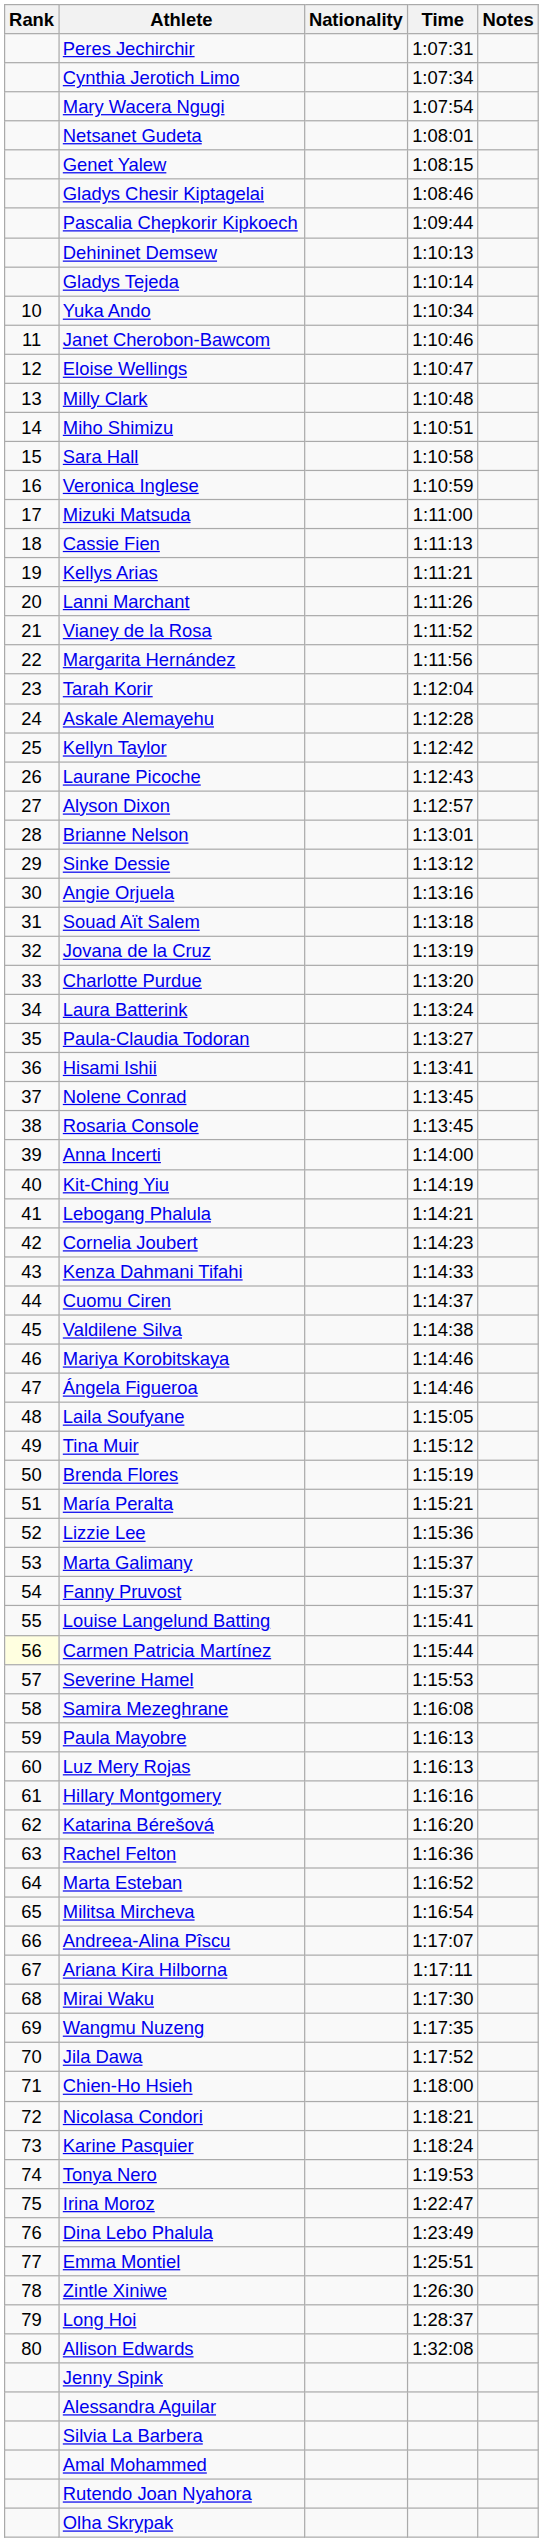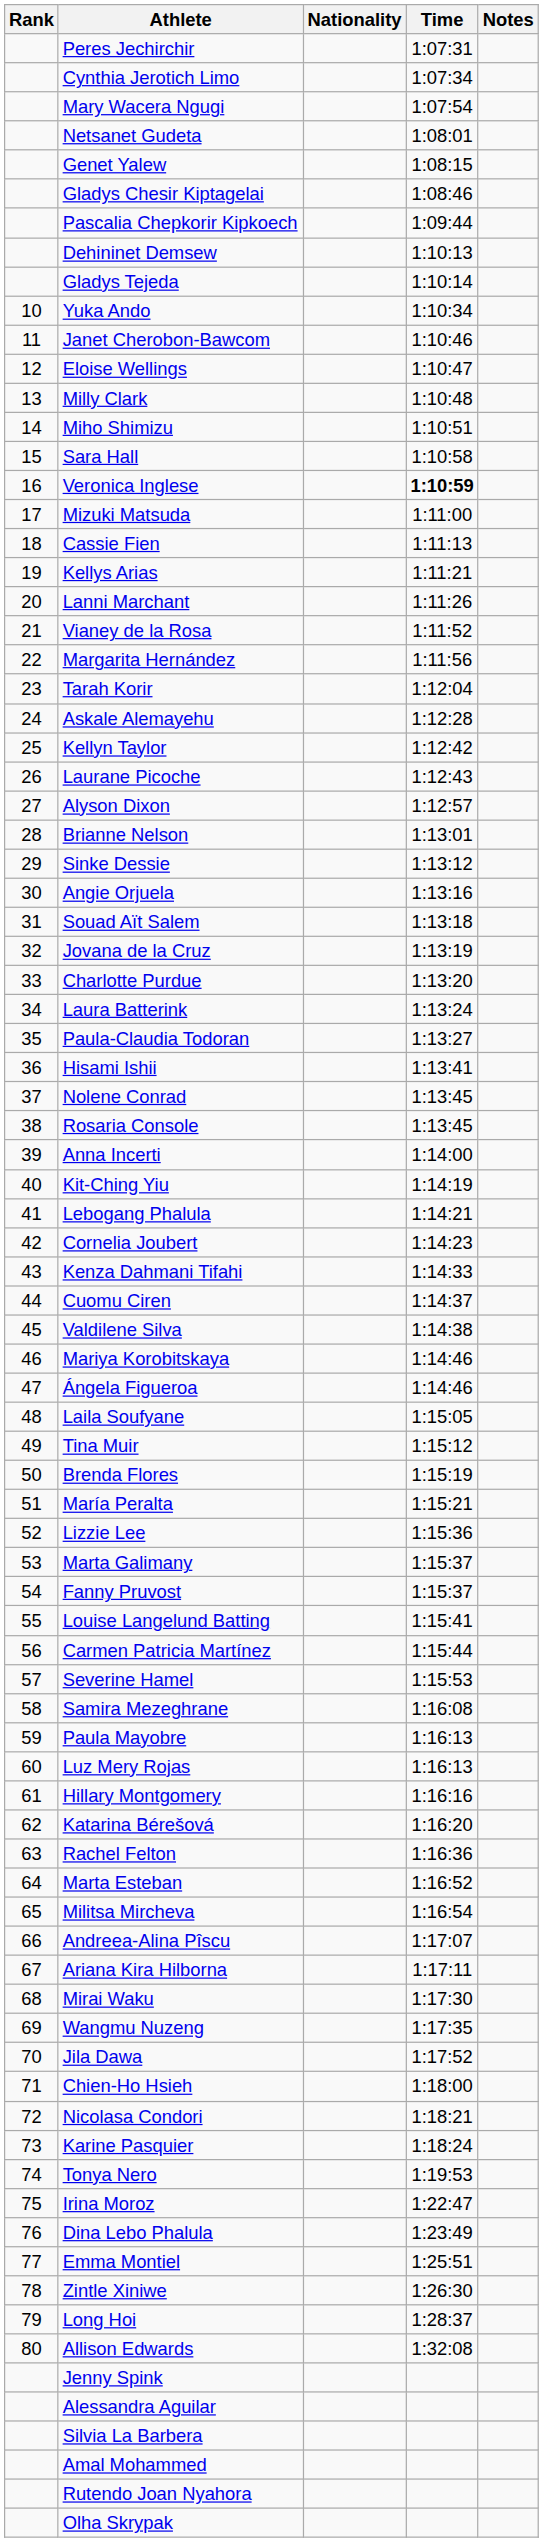 <table class="wikitable sortable"  style="text-align:center; font-size:95%; width:50%;">
 <tr>
 <th>Rank</th>
 <th>Athlete</th>
 <th>Nationality</th>
 <th>Time</th>
 <th>Notes</th>
 </tr>
 <tr>
 <td align=center></td>
 <td align=left><a href='#'>Peres Jechirchir</a></td>
 <td align=left></td>
 <td>1:07:31</td>
 <td></td>
 </tr>
 <tr>
 <td align=center></td>
 <td align=left><a href='#'>Cynthia Jerotich Limo</a></td>
 <td align=left></td>
 <td>1:07:34</td>
 <td></td>
 </tr>
 <tr>
 <td align=center></td>
 <td align=left><a href='#'>Mary Wacera Ngugi</a></td>
 <td align=left></td>
 <td>1:07:54</td>
 <td></td>
 </tr>
 <tr>
 <td align=center></td>
 <td align=left><a href='#'>Netsanet Gudeta</a></td>
 <td align=left></td>
 <td>1:08:01</td>
 <td></td>
 </tr>
 <tr>
 <td align=center></td>
 <td align=left><a href='#'>Genet Yalew</a></td>
 <td align=left></td>
 <td>1:08:15</td>
 <td></td>
 </tr>
 <tr>
 <td align=center></td>
 <td align=left><a href='#'>Gladys Chesir Kiptagelai</a></td>
 <td align=left></td>
 <td>1:08:46</td>
 <td></td>
 </tr>
 <tr>
 <td align=center></td>
 <td align=left><a href='#'>Pascalia Chepkorir Kipkoech</a></td>
 <td align=left></td>
 <td>1:09:44</td>
 <td></td>
 </tr>
 <tr>
 <td align=center></td>
 <td align=left><a href='#'>Dehininet Demsew</a></td>
 <td align=left></td>
 <td>1:10:13</td>
 <td></td>
 </tr>
 <tr>
 <td align=center></td>
 <td align=left><a href='#'>Gladys Tejeda</a></td>
 <td align=left></td>
 <td>1:10:14</td>
 <td><strong></strong></td>
 </tr>
 <tr>
 <td align=center>10</td>
 <td align=left><a href='#'>Yuka Ando</a></td>
 <td align=left></td>
 <td>1:10:34</td>
 <td></td>
 </tr>
 <tr>
 <td align=center>11</td>
 <td align=left><a href='#'>Janet Cherobon-Bawcom</a></td>
 <td align=left></td>
 <td>1:10:46</td>
 <td></td>
 </tr>
 <tr>
 <td align=center>12</td>
 <td align=left><a href='#'>Eloise Wellings</a></td>
 <td align=left></td>
 <td>1:10:47</td>
 <td></td>
 </tr>
 <tr>
 <td align=center>13</td>
 <td align=left><a href='#'>Milly Clark</a></td>
 <td align=left></td>
 <td>1:10:48</td>
 <td></td>
 </tr>
 <tr>
 <td align=center>14</td>
 <td align=left><a href='#'>Miho Shimizu</a></td>
 <td align=left></td>
 <td>1:10:51</td>
 <td></td>
 </tr>
 <tr>
 <td align=center>15</td>
 <td align=left><a href='#'>Sara Hall</a></td>
 <td align=left></td>
 <td>1:10:58</td>
 <td></td>
 </tr>
 <tr>
 <td align=center>16</td>
 <td align=left><a href='#'>Veronica Inglese</a></td>
 <td align=left></td>
-<td>1:10:59</td>
+<td><strong>1:10:59</strong></td>
 <td></td>
 </tr>
 <tr>
 <td align=center>17</td>
 <td align=left><a href='#'>Mizuki Matsuda</a></td>
 <td align=left></td>
 <td>1:11:00</td>
 <td></td>
 </tr>
 <tr>
 <td align=center>18</td>
 <td align=left><a href='#'>Cassie Fien</a></td>
 <td align=left></td>
 <td>1:11:13</td>
 <td></td>
 </tr>
 <tr>
 <td align=center>19</td>
 <td align=left><a href='#'>Kellys Arias</a></td>
 <td align=left></td>
 <td>1:11:21</td>
 <td></td>
 </tr>
 <tr>
 <td align=center>20</td>
 <td align=left><a href='#'>Lanni Marchant</a></td>
 <td align=left></td>
 <td>1:11:26</td>
 <td></td>
 </tr>
 <tr>
 <td align=center>21</td>
 <td align=left><a href='#'>Vianey de la Rosa</a></td>
 <td align=left></td>
 <td>1:11:52</td>
 <td></td>
 </tr>
 <tr>
 <td align=center>22</td>
 <td align=left><a href='#'>Margarita Hernández</a></td>
 <td align=left></td>
 <td>1:11:56</td>
 <td></td>
 </tr>
 <tr>
 <td align=center>23</td>
 <td align=left><a href='#'>Tarah Korir</a></td>
 <td align=left></td>
 <td>1:12:04</td>
 <td></td>
 </tr>
 <tr>
 <td align=center>24</td>
 <td align=left><a href='#'>Askale Alemayehu</a></td>
 <td align=left></td>
 <td>1:12:28</td>
 <td></td>
 </tr>
 <tr>
 <td align=center>25</td>
 <td align=left><a href='#'>Kellyn Taylor</a></td>
 <td align=left></td>
 <td>1:12:42</td>
 <td></td>
 </tr>
 <tr>
 <td align=center>26</td>
 <td align=left><a href='#'>Laurane Picoche</a></td>
 <td align=left></td>
 <td>1:12:43</td>
 <td></td>
 </tr>
 <tr>
 <td align=center>27</td>
 <td align=left><a href='#'>Alyson Dixon</a></td>
 <td align=left></td>
 <td>1:12:57</td>
 <td></td>
 </tr>
 <tr>
 <td align=center>28</td>
 <td align=left><a href='#'>Brianne Nelson</a></td>
 <td align=left></td>
 <td>1:13:01</td>
 <td></td>
 </tr>
 <tr>
 <td align=center>29</td>
 <td align=left><a href='#'>Sinke Dessie</a></td>
 <td align=left></td>
 <td>1:13:12</td>
 <td></td>
 </tr>
 <tr>
 <td align=center>30</td>
 <td align=left><a href='#'>Angie Orjuela</a></td>
 <td align=left></td>
 <td>1:13:16</td>
 <td></td>
 </tr>
 <tr>
 <td align=center>31</td>
 <td align=left><a href='#'>Souad Aït Salem</a></td>
 <td align=left></td>
 <td>1:13:18</td>
 <td></td>
 </tr>
 <tr>
 <td align=center>32</td>
 <td align=left><a href='#'>Jovana de la Cruz</a></td>
 <td align=left></td>
 <td>1:13:19</td>
 <td></td>
 </tr>
 <tr>
 <td align=center>33</td>
 <td align=left><a href='#'>Charlotte Purdue</a></td>
 <td align=left></td>
 <td>1:13:20</td>
 <td></td>
 </tr>
 <tr>
 <td align=center>34</td>
 <td align=left><a href='#'>Laura Batterink</a></td>
 <td align=left></td>
 <td>1:13:24</td>
 <td></td>
 </tr>
 <tr>
 <td align=center>35</td>
 <td align=left><a href='#'>Paula-Claudia Todoran</a></td>
 <td align=left></td>
 <td>1:13:27</td>
 <td></td>
 </tr>
 <tr>
 <td align=center>36</td>
 <td align=left><a href='#'>Hisami Ishii</a></td>
 <td align=left></td>
 <td>1:13:41</td>
 <td></td>
 </tr>
 <tr>
 <td align=center>37</td>
 <td align=left><a href='#'>Nolene Conrad</a></td>
 <td align=left></td>
 <td>1:13:45</td>
 <td></td>
 </tr>
 <tr>
 <td align=center>38</td>
 <td align=left><a href='#'>Rosaria Console</a></td>
 <td align=left></td>
 <td>1:13:45</td>
 <td></td>
 </tr>
 <tr>
 <td align=center>39</td>
 <td align=left><a href='#'>Anna Incerti</a></td>
 <td align=left></td>
 <td>1:14:00</td>
 <td></td>
 </tr>
 <tr>
 <td align=center>40</td>
 <td align=left><a href='#'>Kit-Ching Yiu</a></td>
 <td align=left></td>
 <td>1:14:19</td>
 <td></td>
 </tr>
 <tr>
 <td align=center>41</td>
 <td align=left><a href='#'>Lebogang Phalula</a></td>
 <td align=left></td>
 <td>1:14:21</td>
 <td></td>
 </tr>
 <tr>
 <td align=center>42</td>
 <td align=left><a href='#'>Cornelia Joubert</a></td>
 <td align=left></td>
 <td>1:14:23</td>
 <td></td>
 </tr>
 <tr>
 <td align=center>43</td>
 <td align=left><a href='#'>Kenza Dahmani Tifahi</a></td>
 <td align=left></td>
 <td>1:14:33</td>
 <td></td>
 </tr>
 <tr>
 <td align=center>44</td>
 <td align=left><a href='#'>Cuomu Ciren</a></td>
 <td align=left></td>
 <td>1:14:37</td>
 <td></td>
 </tr>
 <tr>
 <td align=center>45</td>
 <td align=left><a href='#'>Valdilene Silva</a></td>
 <td align=left></td>
 <td>1:14:38</td>
 <td></td>
 </tr>
 <tr>
 <td align=center>46</td>
 <td align=left><a href='#'>Mariya Korobitskaya</a></td>
 <td align=left></td>
 <td>1:14:46</td>
 <td></td>
 </tr>
 <tr>
 <td align=center>47</td>
 <td align=left><a href='#'>Ángela Figueroa</a></td>
 <td align=left></td>
 <td>1:14:46</td>
 <td></td>
 </tr>
 <tr>
 <td align=center>48</td>
 <td align=left><a href='#'>Laila Soufyane</a></td>
 <td align=left></td>
 <td>1:15:05</td>
 <td></td>
 </tr>
 <tr>
 <td align=center>49</td>
 <td align=left><a href='#'>Tina Muir</a></td>
 <td align=left></td>
 <td>1:15:12</td>
 <td></td>
 </tr>
 <tr>
 <td align=center>50</td>
 <td align=left><a href='#'>Brenda Flores</a></td>
 <td align=left></td>
 <td>1:15:19</td>
 <td></td>
 </tr>
 <tr>
 <td align=center>51</td>
 <td align=left><a href='#'>María Peralta</a></td>
 <td align=left></td>
 <td>1:15:21</td>
 <td></td>
 </tr>
 <tr>
 <td align=center>52</td>
 <td align=left><a href='#'>Lizzie Lee</a></td>
 <td align=left></td>
 <td>1:15:36</td>
 <td></td>
 </tr>
 <tr>
 <td align=center>53</td>
 <td align=left><a href='#'>Marta Galimany</a></td>
 <td align=left></td>
 <td>1:15:37</td>
 <td></td>
 </tr>
 <tr>
 <td align=center>54</td>
 <td align=left><a href='#'>Fanny Pruvost</a></td>
 <td align=left></td>
 <td>1:15:37</td>
 <td></td>
 </tr>
 <tr>
 <td align=center>55</td>
 <td align=left><a href='#'>Louise Langelund Batting</a></td>
 <td align=left></td>
 <td>1:15:41</td>
 <td></td>
 </tr>
 <tr>
-<td align=center style="background: lightyellow;">56</td>
+<td align=center>56</td>
 <td align=left><a href='#'>Carmen Patricia Martínez</a></td>
 <td align=left></td>
 <td>1:15:44</td>
 <td><strong></strong></td>
 </tr>
 <tr>
 <td align=center>57</td>
 <td align=left><a href='#'>Severine Hamel</a></td>
 <td align=left></td>
 <td>1:15:53</td>
 <td></td>
 </tr>
 <tr>
 <td align=center>58</td>
 <td align=left><a href='#'>Samira Mezeghrane</a></td>
 <td align=left></td>
 <td>1:16:08</td>
 <td></td>
 </tr>
 <tr>
 <td align=center>59</td>
 <td align=left><a href='#'>Paula Mayobre</a></td>
 <td align=left></td>
 <td>1:16:13</td>
 <td></td>
 </tr>
 <tr>
 <td align=center>60</td>
 <td align=left><a href='#'>Luz Mery Rojas</a></td>
 <td align=left></td>
 <td>1:16:13</td>
 <td></td>
 </tr>
 <tr>
 <td align=center>61</td>
 <td align=left><a href='#'>Hillary Montgomery</a></td>
 <td align=left></td>
 <td>1:16:16</td>
 <td></td>
 </tr>
 <tr>
 <td align=center>62</td>
 <td align=left><a href='#'>Katarina Bérešová</a></td>
 <td align=left></td>
 <td>1:16:20</td>
 <td></td>
 </tr>
 <tr>
 <td align=center>63</td>
 <td align=left><a href='#'>Rachel Felton</a></td>
 <td align=left></td>
 <td>1:16:36</td>
 <td></td>
 </tr>
 <tr>
 <td align=center>64</td>
 <td align=left><a href='#'>Marta Esteban</a></td>
 <td align=left></td>
 <td>1:16:52</td>
 <td></td>
 </tr>
 <tr>
 <td align=center>65</td>
 <td align=left><a href='#'>Militsa Mircheva</a></td>
 <td align=left></td>
 <td>1:16:54</td>
 <td></td>
 </tr>
 <tr>
 <td align=center>66</td>
 <td align=left><a href='#'>Andreea-Alina Pîscu</a></td>
 <td align=left></td>
 <td>1:17:07</td>
 <td></td>
 </tr>
 <tr>
 <td align=center>67</td>
 <td align=left><a href='#'>Ariana Kira Hilborna</a></td>
 <td align=left></td>
 <td>1:17:11</td>
 <td></td>
 </tr>
 <tr>
 <td align=center>68</td>
 <td align=left><a href='#'>Mirai Waku</a></td>
 <td align=left></td>
 <td>1:17:30</td>
 <td></td>
 </tr>
 <tr>
 <td align=center>69</td>
 <td align=left><a href='#'>Wangmu Nuzeng</a></td>
 <td align=left></td>
 <td>1:17:35</td>
 <td></td>
 </tr>
 <tr>
 <td align=center>70</td>
 <td align=left><a href='#'>Jila Dawa</a></td>
 <td align=left></td>
 <td>1:17:52</td>
 <td></td>
 </tr>
 <tr>
 <td align=center>71</td>
 <td align=left><a href='#'>Chien-Ho Hsieh</a></td>
 <td align=left></td>
 <td>1:18:00</td>
 <td></td>
 </tr>
 <tr>
 <td align=center>72</td>
 <td align=left><a href='#'>Nicolasa Condori</a></td>
 <td align=left></td>
 <td>1:18:21</td>
 <td></td>
 </tr>
 <tr>
 <td align=center>73</td>
 <td align=left><a href='#'>Karine Pasquier</a></td>
 <td align=left></td>
 <td>1:18:24</td>
 <td></td>
 </tr>
 <tr>
 <td align=center>74</td>
 <td align=left><a href='#'>Tonya Nero</a></td>
 <td align=left></td>
 <td>1:19:53</td>
 <td></td>
 </tr>
 <tr>
 <td align=center>75</td>
 <td align=left><a href='#'>Irina Moroz</a></td>
 <td align=left></td>
 <td>1:22:47</td>
 <td></td>
 </tr>
 <tr>
 <td align=center>76</td>
 <td align=left><a href='#'>Dina Lebo Phalula</a></td>
 <td align=left></td>
 <td>1:23:49</td>
 <td></td>
 </tr>
 <tr>
 <td align=center>77</td>
 <td align=left><a href='#'>Emma Montiel</a></td>
 <td align=left></td>
 <td>1:25:51</td>
 <td></td>
 </tr>
 <tr>
 <td align=center>78</td>
 <td align=left><a href='#'>Zintle Xiniwe</a></td>
 <td align=left></td>
 <td>1:26:30</td>
 <td></td>
 </tr>
 <tr>
 <td align=center>79</td>
 <td align=left><a href='#'>Long Hoi</a></td>
 <td align=left></td>
 <td>1:28:37</td>
 <td></td>
 </tr>
 <tr>
 <td align=center>80</td>
 <td align=left><a href='#'>Allison Edwards</a></td>
 <td align=left></td>
 <td>1:32:08</td>
 <td></td>
 </tr>
 <tr>
 <td align=center></td>
 <td align=left><a href='#'>Jenny Spink</a></td>
 <td align=left></td>
 <td></td>
 <td></td>
 </tr>
 <tr>
 <td align=center></td>
 <td align=left><a href='#'>Alessandra Aguilar</a></td>
 <td align=left></td>
 <td></td>
 <td></td>
 </tr>
 <tr>
 <td align=center></td>
 <td align=left><a href='#'>Silvia La Barbera</a></td>
 <td align=left></td>
 <td></td>
 <td></td>
 </tr>
 <tr>
 <td align=center></td>
 <td align=left><a href='#'>Amal Mohammed</a></td>
 <td align=left></td>
 <td></td>
 <td></td>
 </tr>
 <tr>
 <td align=center></td>
 <td align=left><a href='#'>Rutendo Joan Nyahora</a></td>
 <td align=left></td>
 <td></td>
 <td></td>
 </tr>
 <tr>
 <td align=center></td>
 <td align=left><a href='#'>Olha Skrypak</a></td>
 <td align=left></td>
 <td></td>
 <td></td>
 </tr>
 </table>
